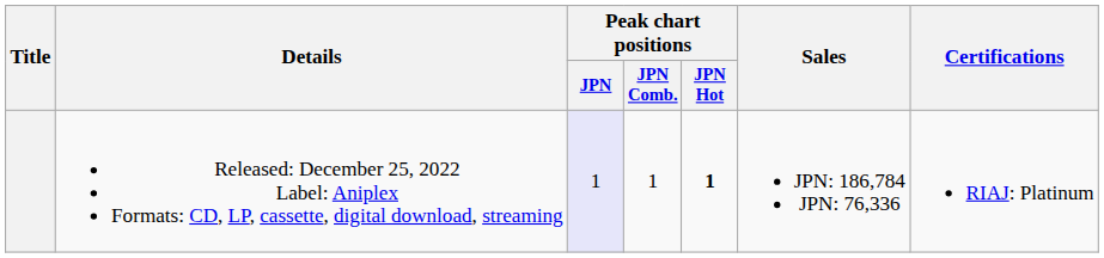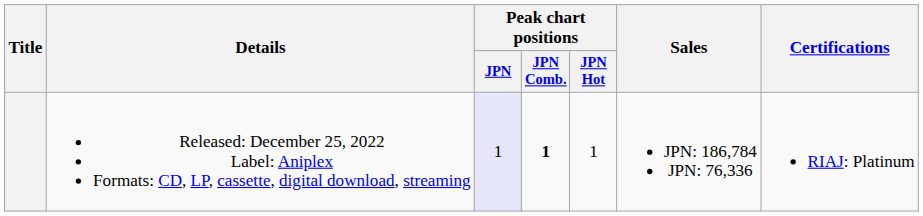 <table class="wikitable plainrowheaders" style="text-align:center;">
 <tr>
 <th scope="col" rowspan="2">Title</th>
 <th scope="col" rowspan="2">Details</th>
 <th scope="col" colspan="3">Peak chart positions</th>
 <th scope="col" rowspan="2">Sales</th>
 <th scope="col" rowspan="2"><a href='#'>Certifications</a></th>
 </tr>
 <tr>
 <th scope="col" style="width:2.75em;font-size:85%;"><a href='#'>JPN</a><br></th>
 <th scope="col" style="width:2.75em;font-size:85%;"><a href='#'>JPN<br>Comb.</a><br></th>
 <th scope="col" style="width:2.75em;font-size:85%;"><a href='#'>JPN<br>Hot</a><br></th>
 </tr>
 <tr>
 <th scope="row"></th>
 <td><br><ul><li>Released: December 25, 2022</li><li>Label: <a href='#'>Aniplex</a></li><li>Formats: <a href='#'>CD</a>, <a href='#'>LP</a>, <a href='#'>cassette</a>, <a href='#'>digital download</a>, <a href='#'>streaming</a></li></ul></td>
 <td style="background: lavender;">1</td>
+<td><strong>1</strong></td>
 <td>1</td>
-<td><strong>1</strong></td>
 <td><br><ul><li>JPN: 186,784 </li><li>JPN: 76,336 </li></ul></td>
 <td><br><ul><li><a href='#'>RIAJ</a>: Platinum</li></ul></td>
 </tr>
 </table>
